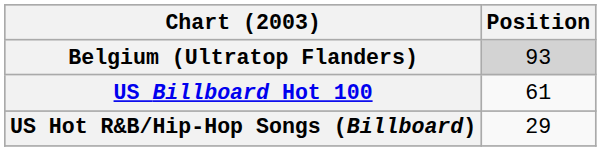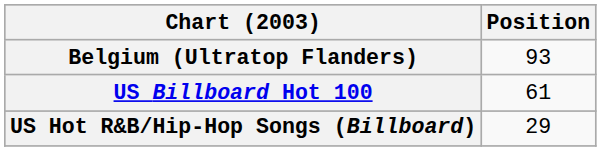 <table class="wikitable sortable plainrowheaders" style="text-align:center">
 <tr>
 <th scope="col">Chart (2003)</th>
 <th scope="col">Position</th>
 </tr>
 <tr>
 <th scope="row">Belgium (Ultratop Flanders)</th>
-<td style="background: lightgrey;">93</td>
+<td>93</td>
 </tr>
 <tr>
 <th scope="row"><a href='#'>US <em>Billboard</em> Hot 100</a></th>
 <td>61</td>
 </tr>
 <tr>
 <th scope="row">US Hot R&B/Hip-Hop Songs (<em>Billboard</em>)</th>
 <td>29</td>
 </tr>
 </table>
